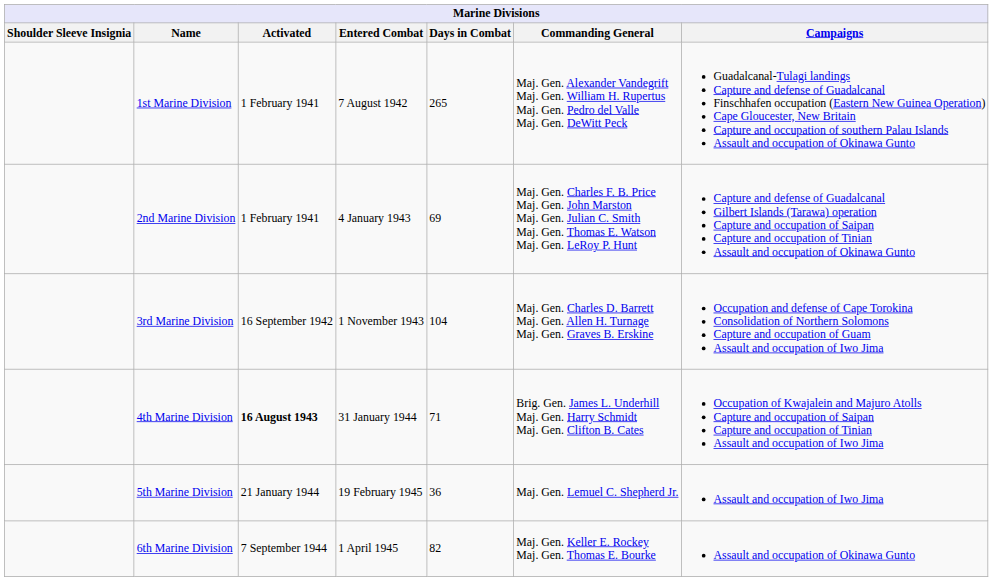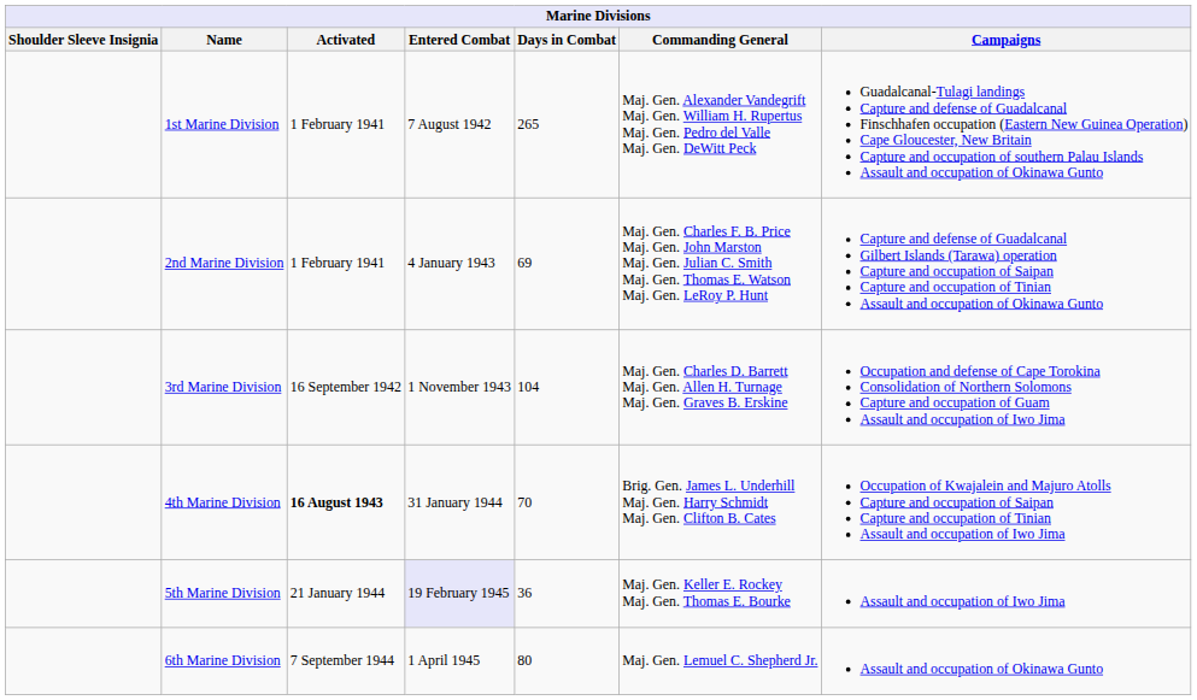 <table class="wikitable">
 <tr>
 <th style="align: center; background: lavender;" colspan="7">Marine Divisions</th>
 </tr>
 <tr>
 <th style="text-align: center; ">Shoulder Sleeve Insignia</th>
 <th style="text-align: center; ">Name</th>
 <th style="text-align: center; ">Activated</th>
 <th style="text-align: center; ">Entered Combat</th>
 <th style="text-align: center; ">Days in Combat</th>
 <th style="text-align: center; ">Commanding General</th>
 <th style="text-align: center; "><a href='#'>Campaigns</a></th>
 </tr>
 <tr>
 <td></td>
 <td><a href='#'>1st Marine Division</a></td>
 <td>1 February 1941</td>
 <td>7 August 1942</td>
 <td>265</td>
 <td>Maj. Gen. <a href='#'>Alexander Vandegrift</a><br>Maj. Gen. <a href='#'>William H. Rupertus</a><br>Maj. Gen. <a href='#'>Pedro del Valle</a><br>Maj. Gen. <a href='#'>DeWitt Peck</a></td>
 <td><br><ul><li>Guadalcanal-<a href='#'>Tulagi landings</a></li><li><a href='#'>Capture and defense of Guadalcanal</a></li><li>Finschhafen occupation (<a href='#'>Eastern New Guinea Operation</a>)</li><li><a href='#'>Cape Gloucester, New Britain</a></li><li><a href='#'>Capture and occupation of southern Palau Islands</a></li><li><a href='#'>Assault and occupation of Okinawa Gunto</a></li></ul></td>
 </tr>
 <tr>
 <td></td>
 <td><a href='#'>2nd Marine Division</a></td>
 <td>1 February 1941</td>
 <td>4 January 1943</td>
 <td>69</td>
 <td>Maj. Gen. <a href='#'>Charles F. B. Price</a><br>Maj. Gen. <a href='#'>John Marston</a><br>Maj. Gen. <a href='#'>Julian C. Smith</a><br>Maj. Gen. <a href='#'>Thomas E. Watson</a><br>Maj. Gen. <a href='#'>LeRoy P. Hunt</a></td>
 <td><br><ul><li><a href='#'>Capture and defense of Guadalcanal</a></li><li><a href='#'>Gilbert Islands (Tarawa) operation</a></li><li><a href='#'>Capture and occupation of Saipan</a></li><li><a href='#'>Capture and occupation of Tinian</a></li><li><a href='#'>Assault and occupation of Okinawa Gunto</a></li></ul></td>
 </tr>
 <tr>
 <td></td>
 <td><a href='#'>3rd Marine Division</a></td>
 <td>16 September 1942</td>
 <td>1 November 1943</td>
 <td>104</td>
 <td>Maj. Gen. <a href='#'>Charles D. Barrett</a><br>Maj. Gen. <a href='#'>Allen H. Turnage</a><br>Maj. Gen. <a href='#'>Graves B. Erskine</a></td>
 <td><br><ul><li><a href='#'>Occupation and defense of Cape Torokina</a></li><li><a href='#'>Consolidation of Northern Solomons</a></li><li><a href='#'>Capture and occupation of Guam</a></li><li><a href='#'>Assault and occupation of Iwo Jima</a></li></ul></td>
 </tr>
 <tr>
 <td></td>
 <td><a href='#'>4th Marine Division</a></td>
 <td><strong>16 August 1943</strong></td>
 <td>31 January 1944</td>
-<td>71</td>
+<td>70</td>
 <td>Brig. Gen. <a href='#'>James L. Underhill</a><br>Maj. Gen. <a href='#'>Harry Schmidt</a><br>Maj. Gen. <a href='#'>Clifton B. Cates</a></td>
 <td><br><ul><li><a href='#'>Occupation of Kwajalein and Majuro Atolls</a></li><li><a href='#'>Capture and occupation of Saipan</a></li><li><a href='#'>Capture and occupation of Tinian</a></li><li><a href='#'>Assault and occupation of Iwo Jima</a></li></ul></td>
 </tr>
 <tr>
 <td></td>
 <td><a href='#'>5th Marine Division</a></td>
 <td>21 January 1944</td>
-<td>19 February 1945</td>
+<td style="background: lavender;">19 February 1945</td>
 <td>36</td>
-<td>Maj. Gen. <a href='#'>Lemuel C. Shepherd Jr.</a></td>
+<td>Maj. Gen. <a href='#'>Keller E. Rockey</a><br>Maj. Gen. <a href='#'>Thomas E. Bourke</a></td>
 <td><br><ul><li><a href='#'>Assault and occupation of Iwo Jima</a></li></ul></td>
 </tr>
 <tr>
 <td></td>
 <td><a href='#'>6th Marine Division</a></td>
 <td>7 September 1944</td>
 <td>1 April 1945</td>
-<td>82 </td>
-<td>Maj. Gen. <a href='#'>Keller E. Rockey</a><br>Maj. Gen. <a href='#'>Thomas E. Bourke</a></td>
+<td>80 </td>
+<td>Maj. Gen. <a href='#'>Lemuel C. Shepherd Jr.</a></td>
 <td><br><ul><li><a href='#'>Assault and occupation of Okinawa Gunto</a></li></ul></td>
 </tr>
 </table>
